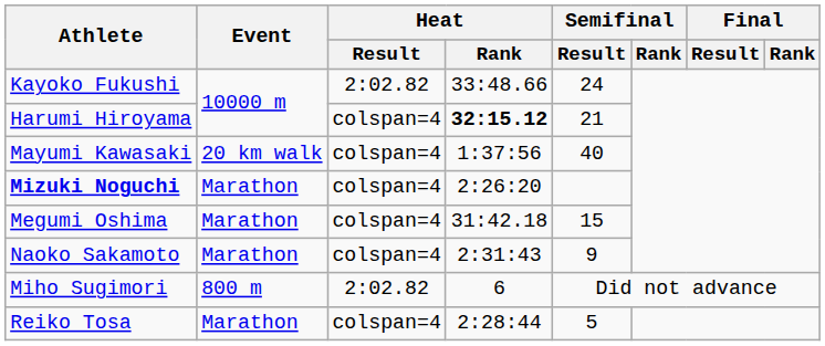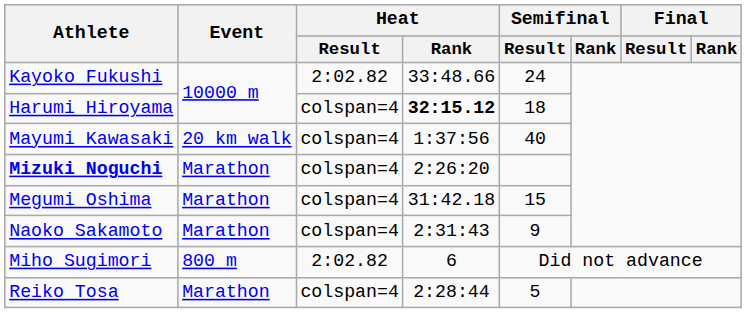 <table class=wikitable style="font-size:90%">
 <tr>
 <th rowspan="2">Athlete</th>
 <th rowspan="2">Event</th>
 <th colspan="2">Heat</th>
 <th colspan="2">Semifinal</th>
 <th colspan="2">Final</th>
 </tr>
 <tr style="font-size:95%">
 <th>Result</th>
 <th>Rank</th>
 <th>Result</th>
 <th>Rank</th>
 <th>Result</th>
 <th>Rank</th>
 </tr>
 <tr align=center>
 <td align=left><a href='#'>Kayoko Fukushi</a></td>
 <td align=left rowspan=2><a href='#'>10000 m</a></td>
 <td>2:02.82</td>
 <td>33:48.66</td>
 <td>24</td>
 </tr>
 <tr align=center>
 <td align=left><a href='#'>Harumi Hiroyama</a></td>
 <td>colspan=4 </td>
 <td><strong>32:15.12</strong></td>
-<td>21</td>
+<td>18</td>
 </tr>
 <tr align=center>
 <td align=left><a href='#'>Mayumi Kawasaki</a></td>
 <td align=left><a href='#'>20 km walk</a></td>
 <td>colspan=4 </td>
 <td>1:37:56</td>
 <td>40</td>
 </tr>
 <tr align=center>
 <td align=left><strong><a href='#'>Mizuki Noguchi</a></strong></td>
 <td align=left><a href='#'>Marathon</a></td>
 <td>colspan=4 </td>
 <td>2:26:20</td>
 <td></td>
 </tr>
 <tr align=center>
 <td align=left><a href='#'>Megumi Oshima</a></td>
 <td align=left><a href='#'>Marathon</a></td>
 <td>colspan=4 </td>
 <td>31:42.18</td>
 <td>15</td>
 </tr>
 <tr align=center>
 <td align=left><a href='#'>Naoko Sakamoto</a></td>
 <td align=left><a href='#'>Marathon</a></td>
 <td>colspan=4 </td>
 <td>2:31:43</td>
 <td>9</td>
 </tr>
 <tr align=center>
 <td align=left><a href='#'>Miho Sugimori</a></td>
 <td align=left><a href='#'>800 m</a></td>
 <td>2:02.82</td>
 <td>6</td>
 <td colspan =4>Did not advance</td>
 </tr>
 <tr align=center>
 <td align=left><a href='#'>Reiko Tosa</a></td>
 <td align=left><a href='#'>Marathon</a></td>
 <td>colspan=4 </td>
 <td>2:28:44</td>
 <td>5</td>
 </tr>
 </table>
